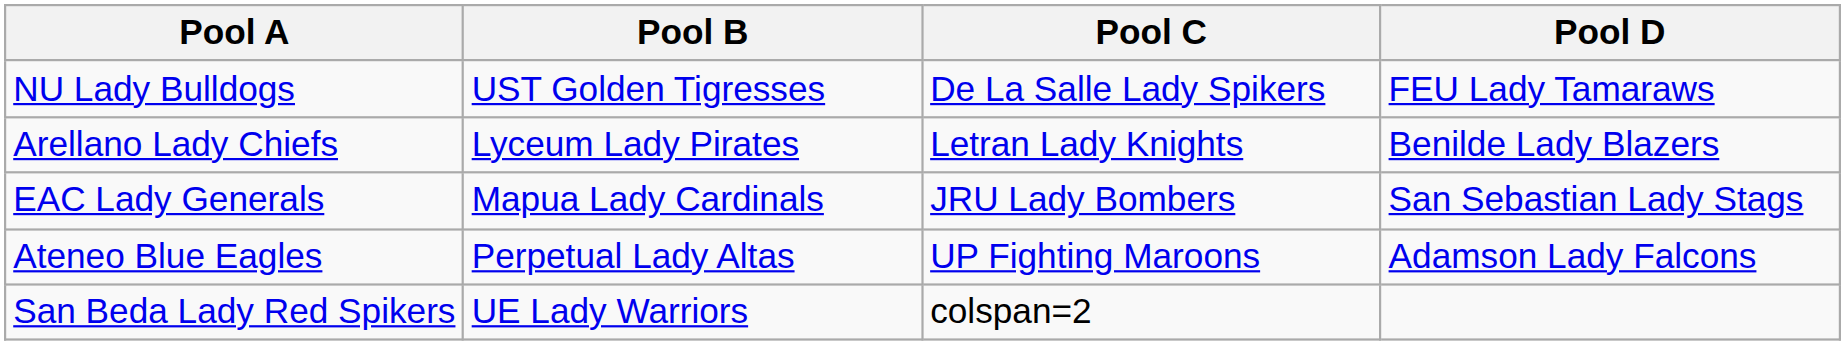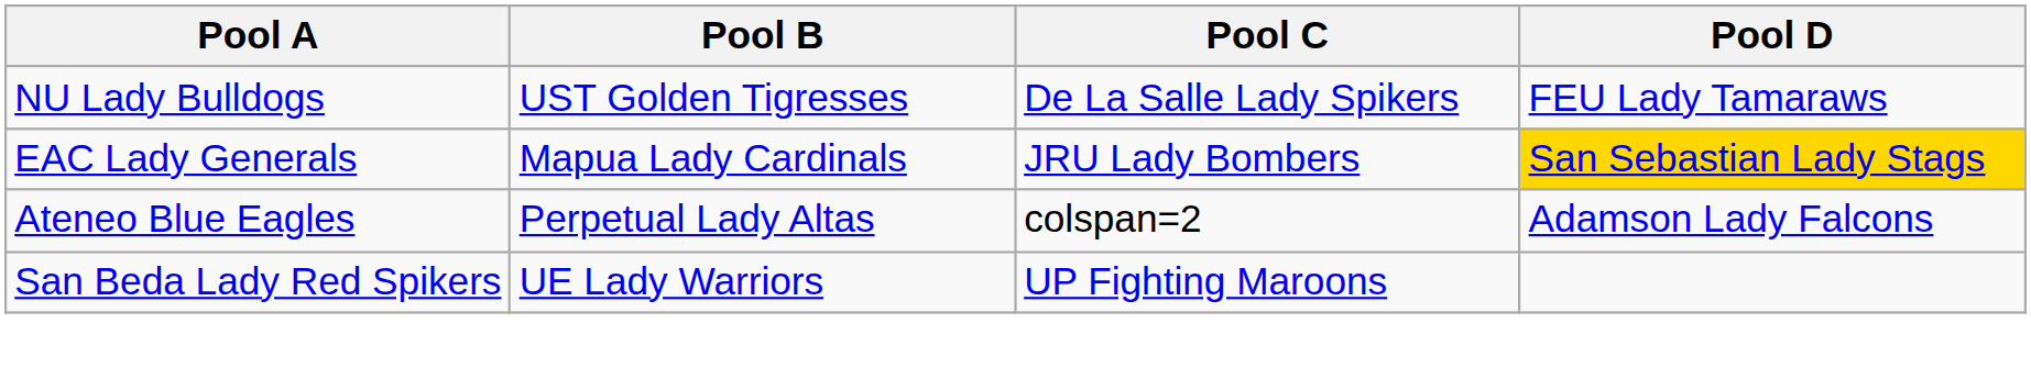 <table class="wikitable" style="white-space:nowrap;">
 <tr>
 <th width=25%>Pool A</th>
 <th width=25%>Pool B</th>
 <th width=25%>Pool C</th>
 <th width=25%>Pool D</th>
 </tr>
 <tr>
 <td><a href='#'>NU Lady Bulldogs</a></td>
 <td><a href='#'>UST Golden Tigresses</a></td>
 <td><a href='#'>De La Salle Lady Spikers</a></td>
 <td><a href='#'>FEU Lady Tamaraws</a></td>
 </tr>
 <tr>
-<td><a href='#'>Arellano Lady Chiefs</a></td>
-<td><a href='#'>Lyceum Lady Pirates</a></td>
-<td><a href='#'>Letran Lady Knights</a></td>
-<td><a href='#'>Benilde Lady Blazers</a></td>
-</tr>
-<tr>
 <td><a href='#'>EAC Lady Generals</a></td>
 <td><a href='#'>Mapua Lady Cardinals</a></td>
 <td><a href='#'>JRU Lady Bombers</a></td>
-<td><a href='#'>San Sebastian Lady Stags</a></td>
+<td style="background: gold;"><a href='#'>San Sebastian Lady Stags</a></td>
 </tr>
 <tr>
 <td><a href='#'>Ateneo Blue Eagles</a></td>
 <td><a href='#'>Perpetual Lady Altas</a></td>
-<td><a href='#'>UP Fighting Maroons</a></td>
+<td>colspan=2 </td>
 <td><a href='#'>Adamson Lady Falcons</a></td>
 </tr>
 <tr>
 <td><a href='#'>San Beda Lady Red Spikers</a></td>
 <td><a href='#'>UE Lady Warriors</a></td>
-<td>colspan=2 </td>
+<td><a href='#'>UP Fighting Maroons</a></td>
 </tr>
 </table>
